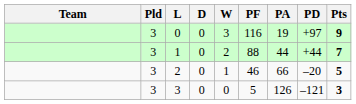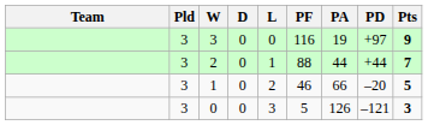 <table class="wikitable" style="text-align:center;">
 <tr>
 <th width=175>Team</th>
 <th width=25 abbr="Played">Pld</th>
+<th width=25 abbr="Won">W</th>
+<th width=25 abbr="Drawn">D</th>
 <th width=25 abbr="Lost">L</th>
-<th width=25 abbr="Drawn">D</th>
-<th width=25 abbr="Won">W</th>
 <th width=32 abbr="Points for">PF</th>
 <th width=32 abbr="Points against">PA</th>
 <th width=32 abbr="Points difference">PD</th>
 <th width=25 abbr="Points">Pts</th>
 </tr>
 <tr bgcolor=ccffcc>
 <td align=left></td>
 <td>3</td>
+<td>3</td>
 <td>0</td>
 <td>0</td>
-<td>3</td>
 <td>116</td>
 <td>19</td>
 <td>+97</td>
 <td><strong>9</strong></td>
 </tr>
 <tr bgcolor=ccffcc>
 <td align=left></td>
 <td>3</td>
+<td>2</td>
+<td>0</td>
 <td>1</td>
-<td>0</td>
-<td>2</td>
 <td>88</td>
 <td>44</td>
 <td>+44</td>
 <td><strong>7</strong></td>
 </tr>
 <tr>
 <td align=left></td>
 <td>3</td>
+<td>1</td>
+<td>0</td>
 <td>2</td>
-<td>0</td>
-<td>1</td>
 <td>46</td>
 <td>66</td>
 <td>–20</td>
 <td><strong>5</strong></td>
 </tr>
 <tr>
 <td align=left></td>
 <td>3</td>
-<td>3</td>
 <td>0</td>
 <td>0</td>
+<td>3</td>
 <td>5</td>
 <td>126</td>
 <td>–121</td>
 <td><strong>3</strong></td>
 </tr>
 </table>
